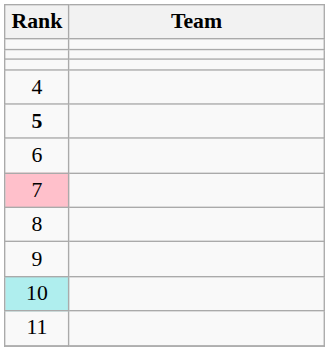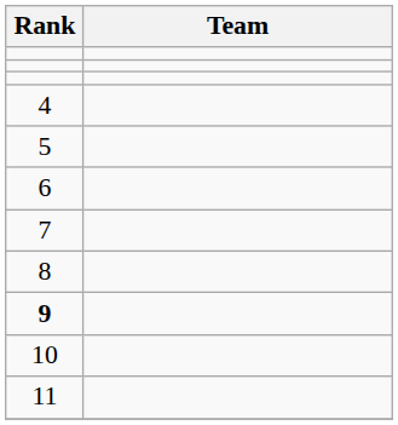 <table class="wikitable" style="text-align: center;">
 <tr>
 <th width=40>Rank</th>
 <th width=180>Team</th>
 </tr>
 <tr align=center>
 <td></td>
 <td style="text-align:left;"></td>
 </tr>
 <tr align=center>
 <td></td>
 <td style="text-align:left;"></td>
 </tr>
 <tr align=center>
 <td></td>
 <td style="text-align:left;"></td>
 </tr>
 <tr align=center>
 <td>4</td>
 <td style="text-align:left;"></td>
 </tr>
 <tr align=center>
-<td><strong>5</strong></td>
+<td>5</td>
 <td style="text-align:left;"></td>
 </tr>
 <tr align=center>
 <td>6</td>
 <td style="text-align:left;"></td>
 </tr>
 <tr align=center>
-<td style="background: pink;">7</td>
+<td>7</td>
 <td style="text-align:left;"></td>
 </tr>
 <tr align=center>
 <td>8</td>
 <td style="text-align:left;"></td>
 </tr>
 <tr align=center>
-<td>9</td>
+<td><strong>9</strong></td>
 <td style="text-align:left;"></td>
 </tr>
 <tr align=center>
-<td style="background: paleturquoise;">10</td>
+<td>10</td>
 <td style="text-align:left;"></td>
 </tr>
 <tr align=center>
 <td>11</td>
 <td style="text-align:left;"></td>
 </tr>
 <tr align=center>
 </tr>
 </table>
